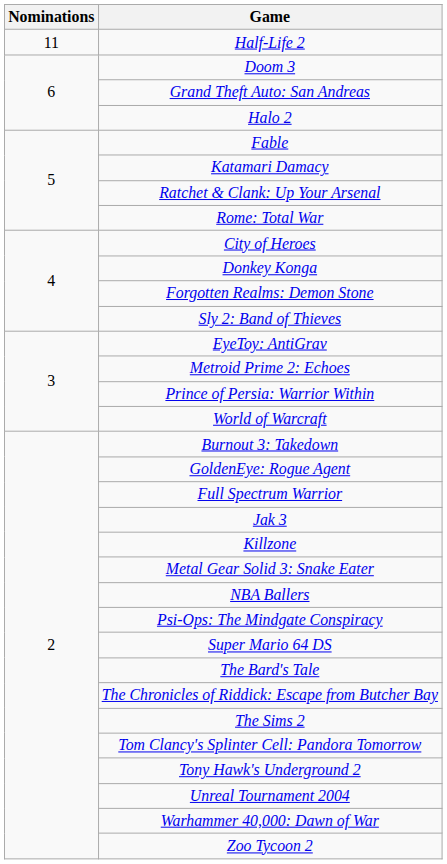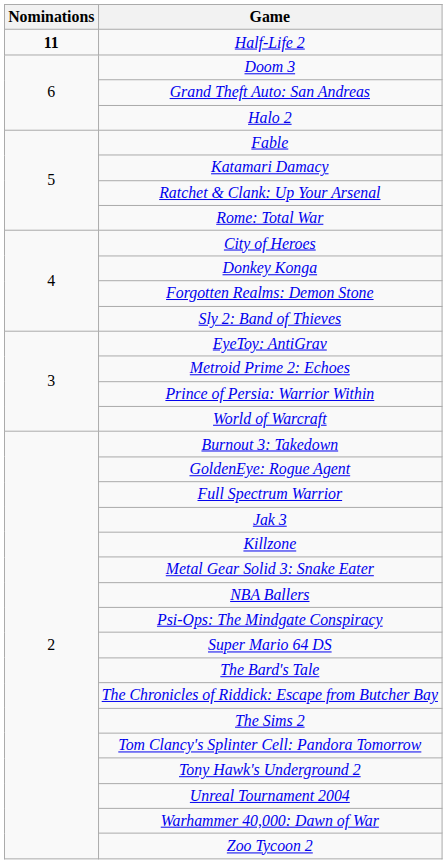 <table class="wikitable floatleft" rowspan="2" style="text-align:center;" background: #f6e39c;>
 <tr>
 <th scope="col">Nominations</th>
 <th scope="col">Game</th>
 </tr>
 <tr>
-<td style="text-align: center;">11</td>
+<td style="text-align: center;"><strong>11</strong></td>
 <td><em><a href='#'>Half-Life 2</a></em></td>
 </tr>
 <tr>
 <td rowspan=3>6</td>
 <td><em><a href='#'>Doom 3</a></em></td>
 </tr>
 <tr>
 <td><em><a href='#'>Grand Theft Auto: San Andreas</a></em></td>
 </tr>
 <tr>
 <td><em><a href='#'>Halo 2</a></em></td>
 </tr>
 <tr>
 <td rowspan=4>5</td>
 <td><em><a href='#'>Fable</a></em></td>
 </tr>
 <tr>
 <td><em><a href='#'>Katamari Damacy</a></em></td>
 </tr>
 <tr>
 <td><em><a href='#'>Ratchet & Clank: Up Your Arsenal</a></em></td>
 </tr>
 <tr>
 <td><em><a href='#'>Rome: Total War</a></em></td>
 </tr>
 <tr>
 <td rowspan=4>4</td>
 <td><em><a href='#'>City of Heroes</a></em></td>
 </tr>
 <tr>
 <td><em><a href='#'>Donkey Konga</a></em></td>
 </tr>
 <tr>
 <td><em><a href='#'>Forgotten Realms: Demon Stone</a></em></td>
 </tr>
 <tr>
 <td><em><a href='#'>Sly 2: Band of Thieves</a></em></td>
 </tr>
 <tr>
 <td rowspan=4>3</td>
 <td><em><a href='#'>EyeToy: AntiGrav</a></em></td>
 </tr>
 <tr>
 <td><em><a href='#'>Metroid Prime 2: Echoes</a></em></td>
 </tr>
 <tr>
 <td><em><a href='#'>Prince of Persia: Warrior Within</a></em></td>
 </tr>
 <tr>
 <td><em><a href='#'>World of Warcraft</a></em></td>
 </tr>
 <tr>
 <td rowspan=17>2</td>
 <td><em><a href='#'>Burnout 3: Takedown</a></em></td>
 </tr>
 <tr>
 <td><em><a href='#'>GoldenEye: Rogue Agent</a></em></td>
 </tr>
 <tr>
 <td><em><a href='#'>Full Spectrum Warrior</a></em></td>
 </tr>
 <tr>
 <td><em><a href='#'>Jak 3</a></em></td>
 </tr>
 <tr>
 <td><em><a href='#'>Killzone</a></em></td>
 </tr>
 <tr>
 <td><em><a href='#'>Metal Gear Solid 3: Snake Eater</a></em></td>
 </tr>
 <tr>
 <td><em><a href='#'>NBA Ballers</a></em></td>
 </tr>
 <tr>
 <td><em><a href='#'>Psi-Ops: The Mindgate Conspiracy</a></em></td>
 </tr>
 <tr>
 <td><em><a href='#'>Super Mario 64 DS</a></em></td>
 </tr>
 <tr>
 <td><em><a href='#'>The Bard's Tale</a></em></td>
 </tr>
 <tr>
 <td><em><a href='#'>The Chronicles of Riddick: Escape from Butcher Bay</a></em></td>
 </tr>
 <tr>
 <td><em><a href='#'>The Sims 2</a></em></td>
 </tr>
 <tr>
 <td><em><a href='#'>Tom Clancy's Splinter Cell: Pandora Tomorrow</a></em></td>
 </tr>
 <tr>
 <td><em><a href='#'>Tony Hawk's Underground 2</a></em></td>
 </tr>
 <tr>
 <td><em><a href='#'>Unreal Tournament 2004</a></em></td>
 </tr>
 <tr>
 <td><em><a href='#'>Warhammer 40,000: Dawn of War</a></em></td>
 </tr>
 <tr>
 <td><em><a href='#'>Zoo Tycoon 2</a></em></td>
 </tr>
 </table>
